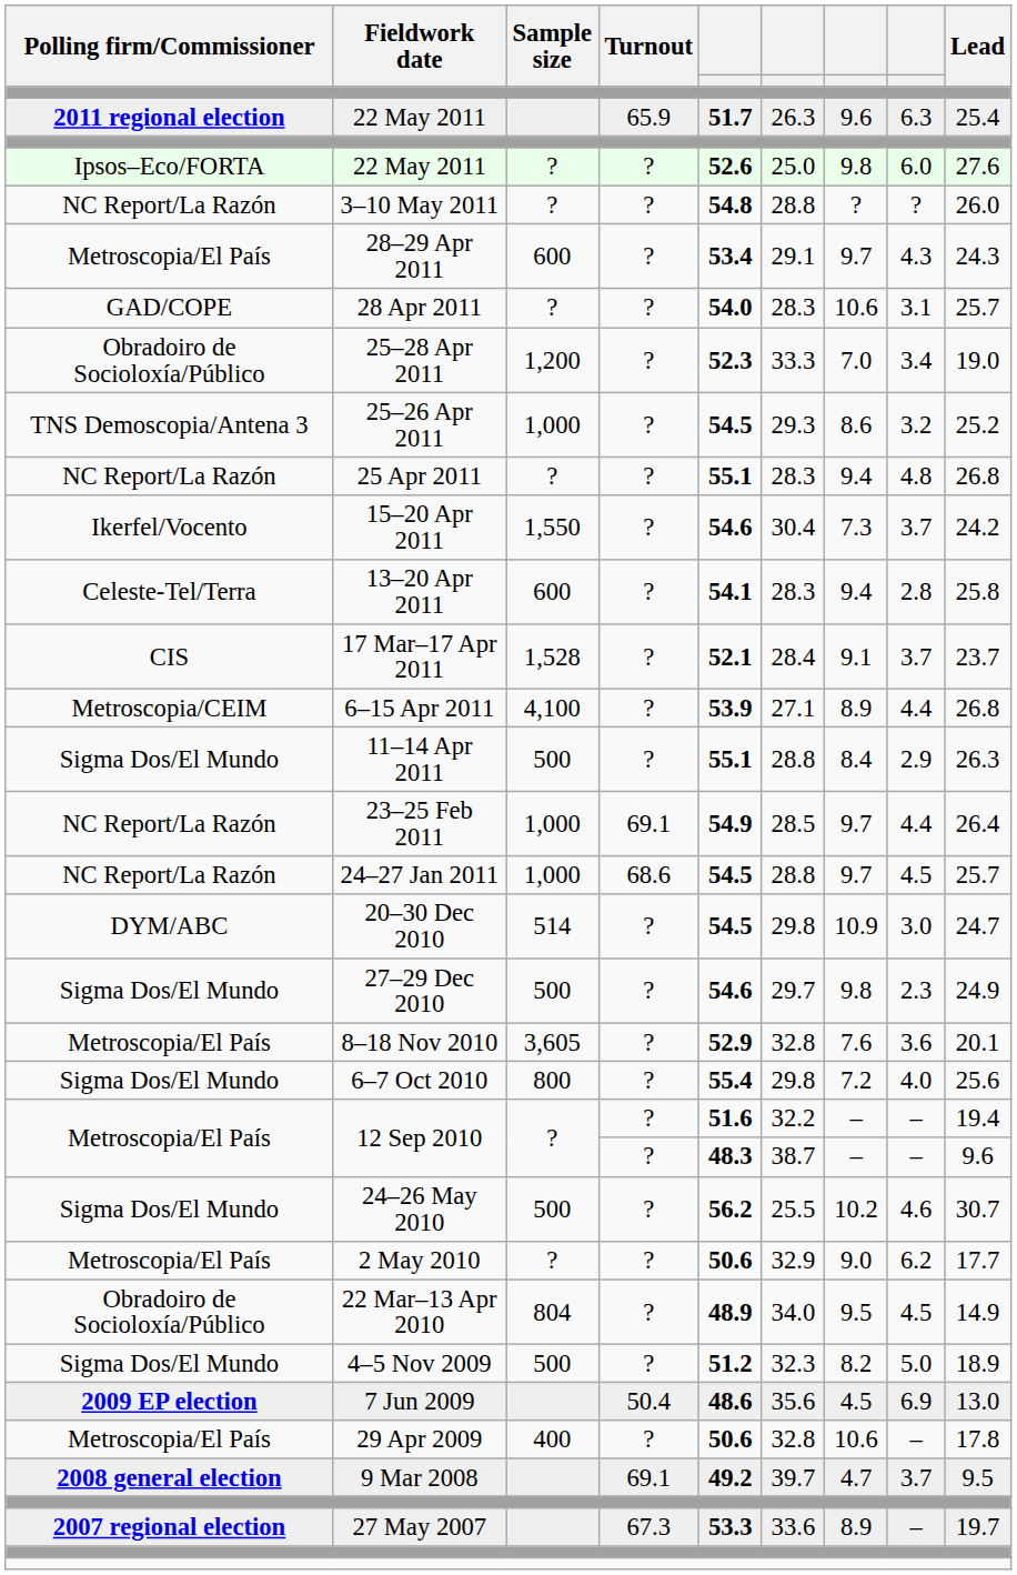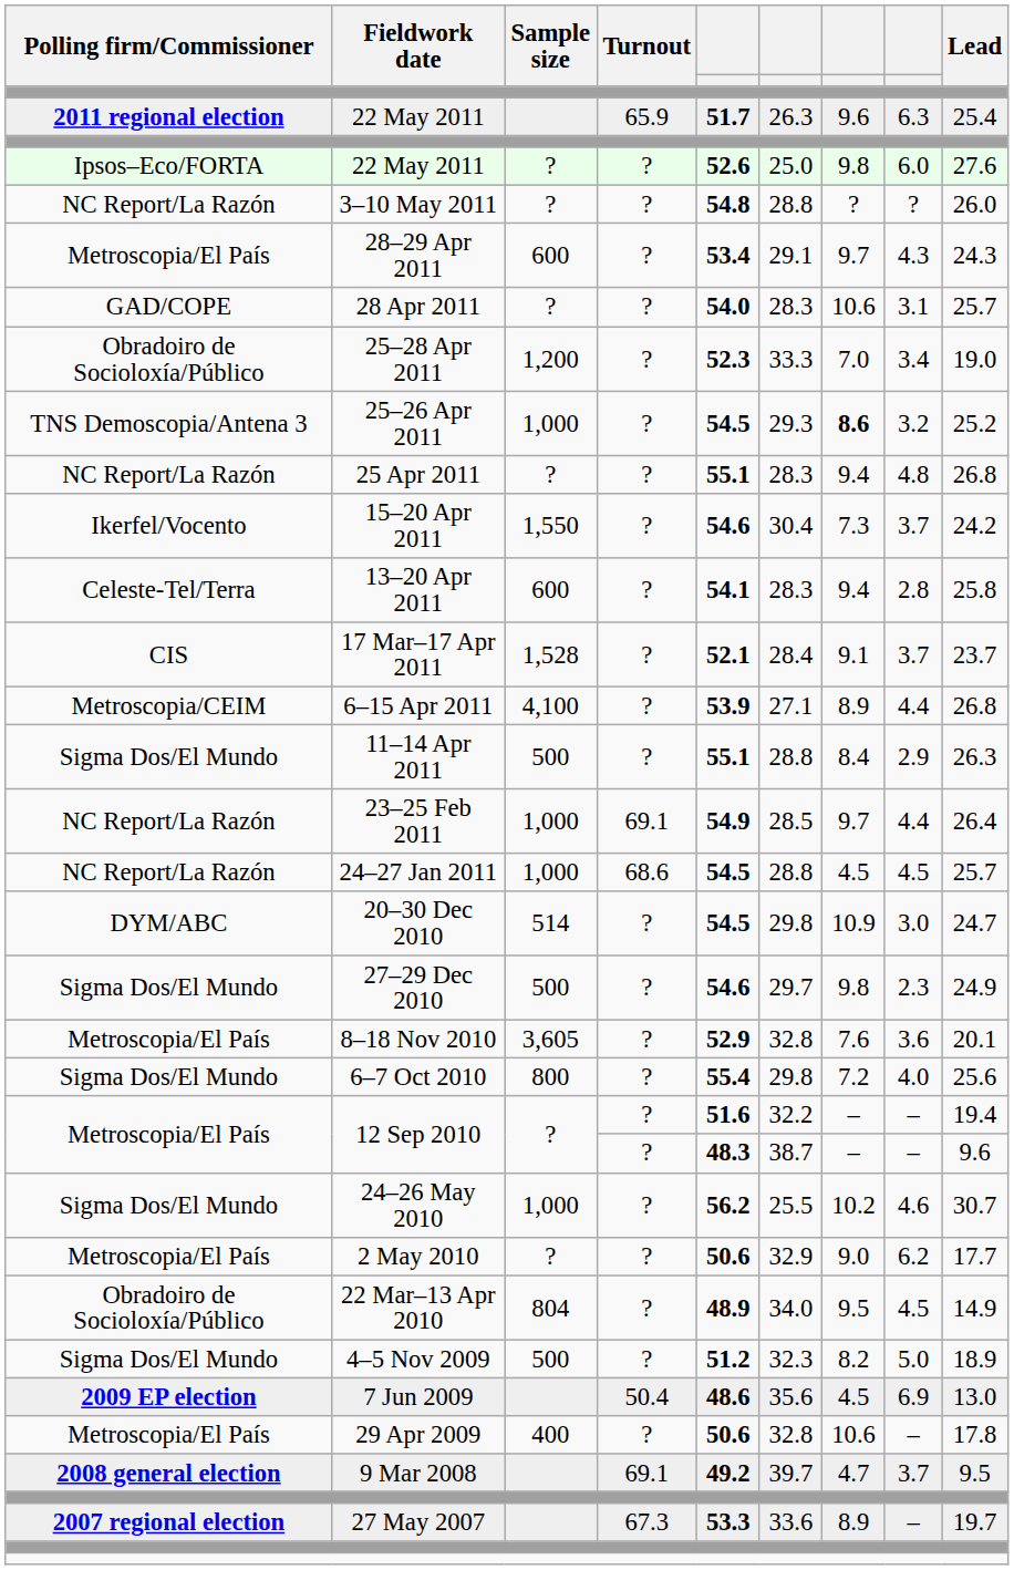 <table class="wikitable collapsible collapsed" style="text-align:center; font-size:95%; line-height:16px;">
 <tr style="height:42px;">
 <th style="width:250px;" rowspan="2">Polling firm/Commissioner</th>
 <th style="width:125px;" rowspan="2">Fieldwork date</th>
 <th style="width:50px;" rowspan="2">Sample size</th>
 <th style="width:45px;" rowspan="2">Turnout</th>
 <th style="width:35px;"></th>
 <th style="width:35px;"></th>
 <th style="width:35px;"></th>
 <th style="width:35px;"></th>
 <th style="width:30px;" rowspan="2">Lead</th>
 </tr>
 <tr>
 <th style="color:inherit;background:"></th>
 <th style="color:inherit;background:"></th>
 <th style="color:inherit;background:"></th>
 <th style="color:inherit;background:"></th>
 </tr>
 <tr>
 <td colspan="9" style="background:#A0A0A0"></td>
 </tr>
 <tr style="background:#EFEFEF;">
 <td><strong><a href='#'>2011 regional election</a></strong></td>
 <td>22 May 2011</td>
 <td></td>
 <td>65.9</td>
 <td><strong>51.7</strong><br></td>
 <td>26.3<br></td>
 <td>9.6<br></td>
 <td>6.3<br></td>
 <td style="background:">25.4</td>
 </tr>
 <tr>
 <td colspan="9" style="background:#A0A0A0"></td>
 </tr>
 <tr style="background:#EAFFEA;">
 <td>Ipsos–Eco/FORTA</td>
 <td>22 May 2011</td>
 <td>?</td>
 <td>?</td>
 <td><strong>52.6</strong><br></td>
 <td>25.0<br></td>
 <td>9.8<br></td>
 <td>6.0<br></td>
 <td style="background:">27.6</td>
 </tr>
 <tr>
 <td>NC Report/La Razón</td>
 <td>3–10 May 2011</td>
 <td>?</td>
 <td>?</td>
 <td><strong>54.8</strong><br></td>
 <td>28.8<br></td>
 <td>?<br></td>
 <td>?<br></td>
 <td style="background:">26.0</td>
 </tr>
 <tr>
 <td>Metroscopia/El País</td>
 <td>28–29 Apr 2011</td>
 <td>600</td>
 <td>?</td>
 <td><strong>53.4</strong><br></td>
 <td>29.1<br></td>
 <td>9.7<br></td>
 <td>4.3<br></td>
 <td style="background:">24.3</td>
 </tr>
 <tr>
 <td>GAD/COPE</td>
 <td>28 Apr 2011</td>
 <td>?</td>
 <td>?</td>
 <td><strong>54.0</strong><br></td>
 <td>28.3<br></td>
 <td>10.6<br></td>
 <td>3.1<br></td>
 <td style="background:">25.7</td>
 </tr>
 <tr>
 <td>Obradoiro de Socioloxía/Público</td>
 <td>25–28 Apr 2011</td>
 <td>1,200</td>
 <td>?</td>
 <td><strong>52.3</strong><br></td>
 <td>33.3<br></td>
 <td>7.0<br></td>
 <td>3.4<br></td>
 <td style="background:">19.0</td>
 </tr>
 <tr>
 <td>TNS Demoscopia/Antena 3</td>
 <td>25–26 Apr 2011</td>
 <td>1,000</td>
 <td>?</td>
 <td><strong>54.5</strong><br></td>
 <td>29.3<br></td>
-<td>8.6<br></td>
+<td><strong>8.6<br></strong></td>
 <td>3.2<br></td>
 <td style="background:">25.2</td>
 </tr>
 <tr>
 <td>NC Report/La Razón</td>
 <td>25 Apr 2011</td>
 <td>?</td>
 <td>?</td>
 <td><strong>55.1</strong><br></td>
 <td>28.3<br></td>
 <td>9.4<br></td>
 <td>4.8<br></td>
 <td style="background:">26.8</td>
 </tr>
 <tr>
 <td>Ikerfel/Vocento</td>
 <td>15–20 Apr 2011</td>
 <td>1,550</td>
 <td>?</td>
 <td><strong>54.6</strong><br></td>
 <td>30.4<br></td>
 <td>7.3<br></td>
 <td>3.7<br></td>
 <td style="background:">24.2</td>
 </tr>
 <tr>
 <td>Celeste-Tel/Terra</td>
 <td>13–20 Apr 2011</td>
 <td>600</td>
 <td>?</td>
 <td><strong>54.1</strong><br></td>
 <td>28.3<br></td>
 <td>9.4<br></td>
 <td>2.8<br></td>
 <td style="background:">25.8</td>
 </tr>
 <tr>
 <td>CIS</td>
 <td>17 Mar–17 Apr 2011</td>
 <td>1,528</td>
 <td>?</td>
 <td><strong>52.1</strong><br></td>
 <td>28.4<br></td>
 <td>9.1<br></td>
 <td>3.7<br></td>
 <td style="background:">23.7</td>
 </tr>
 <tr>
 <td>Metroscopia/CEIM</td>
 <td>6–15 Apr 2011</td>
 <td>4,100</td>
 <td>?</td>
 <td><strong>53.9</strong><br></td>
 <td>27.1<br></td>
 <td>8.9<br></td>
 <td>4.4<br></td>
 <td style="background:">26.8</td>
 </tr>
 <tr>
 <td>Sigma Dos/El Mundo</td>
 <td>11–14 Apr 2011</td>
 <td>500</td>
 <td>?</td>
 <td><strong>55.1</strong><br></td>
 <td>28.8<br></td>
 <td>8.4<br></td>
 <td>2.9<br></td>
 <td style="background:">26.3</td>
 </tr>
 <tr>
 <td>NC Report/La Razón</td>
 <td>23–25 Feb 2011</td>
 <td>1,000</td>
 <td>69.1</td>
 <td><strong>54.9</strong><br></td>
 <td>28.5<br></td>
 <td>9.7<br></td>
 <td>4.4<br></td>
 <td style="background:">26.4</td>
 </tr>
 <tr>
 <td>NC Report/La Razón</td>
 <td>24–27 Jan 2011</td>
 <td>1,000</td>
 <td>68.6</td>
 <td><strong>54.5</strong><br></td>
 <td>28.8<br></td>
-<td>9.7<br></td>
+<td>4.5<br></td>
 <td>4.5<br></td>
 <td style="background:">25.7</td>
 </tr>
 <tr>
 <td>DYM/ABC</td>
 <td>20–30 Dec 2010</td>
 <td>514</td>
 <td>?</td>
 <td><strong>54.5</strong><br></td>
 <td>29.8<br></td>
 <td>10.9<br></td>
 <td>3.0<br></td>
 <td style="background:">24.7</td>
 </tr>
 <tr>
 <td>Sigma Dos/El Mundo</td>
 <td>27–29 Dec 2010</td>
 <td>500</td>
 <td>?</td>
 <td><strong>54.6</strong><br></td>
 <td>29.7<br></td>
 <td>9.8<br></td>
 <td>2.3<br></td>
 <td style="background:">24.9</td>
 </tr>
 <tr>
 <td>Metroscopia/El País</td>
 <td>8–18 Nov 2010</td>
 <td>3,605</td>
 <td>?</td>
 <td><strong>52.9</strong><br></td>
 <td>32.8<br></td>
 <td>7.6<br></td>
 <td>3.6<br></td>
 <td style="background:">20.1</td>
 </tr>
 <tr>
 <td>Sigma Dos/El Mundo</td>
 <td>6–7 Oct 2010</td>
 <td>800</td>
 <td>?</td>
 <td><strong>55.4</strong><br></td>
 <td>29.8<br></td>
 <td>7.2<br></td>
 <td>4.0<br></td>
 <td style="background:">25.6</td>
 </tr>
 <tr>
 <td rowspan="2">Metroscopia/El País</td>
 <td rowspan="2">12 Sep 2010</td>
 <td rowspan="2">?</td>
 <td>?</td>
 <td><strong>51.6</strong></td>
 <td>32.2</td>
 <td>–</td>
 <td>–</td>
 <td style="background:">19.4</td>
 </tr>
 <tr>
 <td>?</td>
 <td><strong>48.3</strong></td>
 <td>38.7</td>
 <td>–</td>
 <td>–</td>
 <td style="background:">9.6</td>
 </tr>
 <tr>
 <td>Sigma Dos/El Mundo</td>
 <td>24–26 May 2010</td>
-<td>500</td>
+<td>1,000</td>
 <td>?</td>
 <td><strong>56.2</strong><br></td>
 <td>25.5<br></td>
 <td>10.2<br></td>
 <td>4.6<br></td>
 <td style="background:">30.7</td>
 </tr>
 <tr>
 <td>Metroscopia/El País</td>
 <td>2 May 2010</td>
 <td>?</td>
 <td>?</td>
 <td><strong>50.6</strong><br></td>
 <td>32.9<br></td>
 <td>9.0<br></td>
 <td>6.2<br></td>
 <td style="background:">17.7</td>
 </tr>
 <tr>
 <td>Obradoiro de Socioloxía/Público</td>
 <td>22 Mar–13 Apr 2010</td>
 <td>804</td>
 <td>?</td>
 <td><strong>48.9</strong><br></td>
 <td>34.0<br></td>
 <td>9.5<br></td>
 <td>4.5<br></td>
 <td style="background:">14.9</td>
 </tr>
 <tr>
 <td>Sigma Dos/El Mundo</td>
 <td>4–5 Nov 2009</td>
 <td>500</td>
 <td>?</td>
 <td><strong>51.2</strong></td>
 <td>32.3</td>
 <td>8.2</td>
 <td>5.0</td>
 <td style="background:">18.9</td>
 </tr>
 <tr style="background:#EFEFEF;">
 <td><strong><a href='#'>2009 EP election</a></strong></td>
 <td>7 Jun 2009</td>
 <td></td>
 <td>50.4</td>
 <td><strong>48.6</strong><br></td>
 <td>35.6<br></td>
 <td>4.5<br></td>
 <td>6.9<br></td>
 <td style="background:">13.0</td>
 </tr>
 <tr>
 <td>Metroscopia/El País</td>
 <td>29 Apr 2009</td>
 <td>400</td>
 <td>?</td>
 <td><strong>50.6</strong><br></td>
 <td>32.8<br></td>
 <td>10.6<br></td>
 <td>–</td>
 <td style="background:">17.8</td>
 </tr>
 <tr style="background:#EFEFEF;">
 <td><strong><a href='#'>2008 general election</a></strong></td>
 <td>9 Mar 2008</td>
 <td></td>
 <td>69.1</td>
 <td><strong>49.2</strong><br></td>
 <td>39.7<br></td>
 <td>4.7<br></td>
 <td>3.7<br></td>
 <td style="background:">9.5</td>
 </tr>
 <tr>
 <td colspan="9" style="background:#A0A0A0"></td>
 </tr>
 <tr style="background:#EFEFEF;">
 <td><strong><a href='#'>2007 regional election</a></strong></td>
 <td>27 May 2007</td>
 <td></td>
 <td>67.3</td>
 <td><strong>53.3</strong><br></td>
 <td>33.6<br></td>
 <td>8.9<br></td>
 <td>–</td>
 <td style="background:">19.7</td>
 </tr>
 <tr>
 <td colspan="9" style="background:#A0A0A0"></td>
 </tr>
 <tr>
 <td colspan="9"></td>
 </tr>
 </table>
